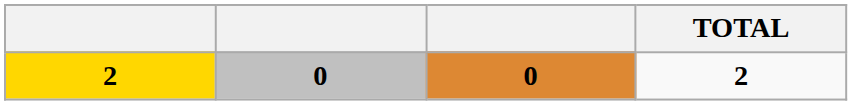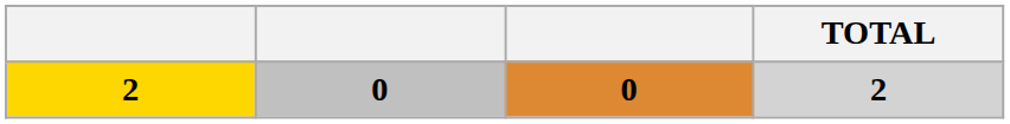 <table class="wikitable" style="font-size:90%">
 <tr>
 <th style="width:100px;"></th>
 <th style="width:100px;"></th>
 <th style="width:100px;"></th>
 <th style="width:100px;">TOTAL</th>
 </tr>
 <tr>
 <td style="text-align:center; background:gold;"><strong>2</strong></td>
 <td style="text-align:center; background:silver;"><strong>0</strong></td>
 <td style="text-align:center; background:#d83;"><strong>0</strong></td>
-<td style="text-align:center;"><strong>2</strong></td>
+<td style="background: lightgrey; text-align:center;"><strong>2</strong></td>
 </tr>
 </table>
